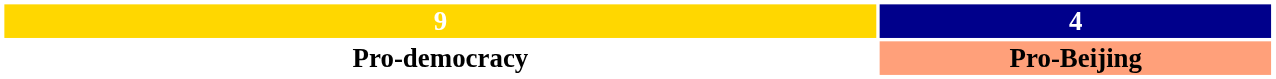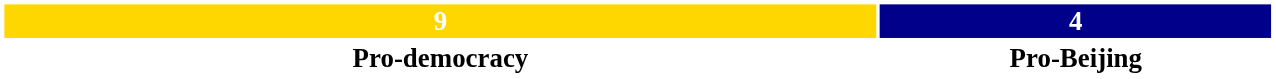 <table style="width:60%; text-align:center;">
 <tr style="color:white;">
 <td style="background:gold; width:69%;"><strong>9</strong></td>
 <td style="background:darkblue; width:31%;"><strong>4</strong></td>
 </tr>
 <tr>
 <td><span><strong>Pro-democracy</strong></span></td>
-<td style="background: lightsalmon;"><span><strong>Pro-Beijing</strong></span></td>
+<td><span><strong>Pro-Beijing</strong></span></td>
 </tr>
 </table>
